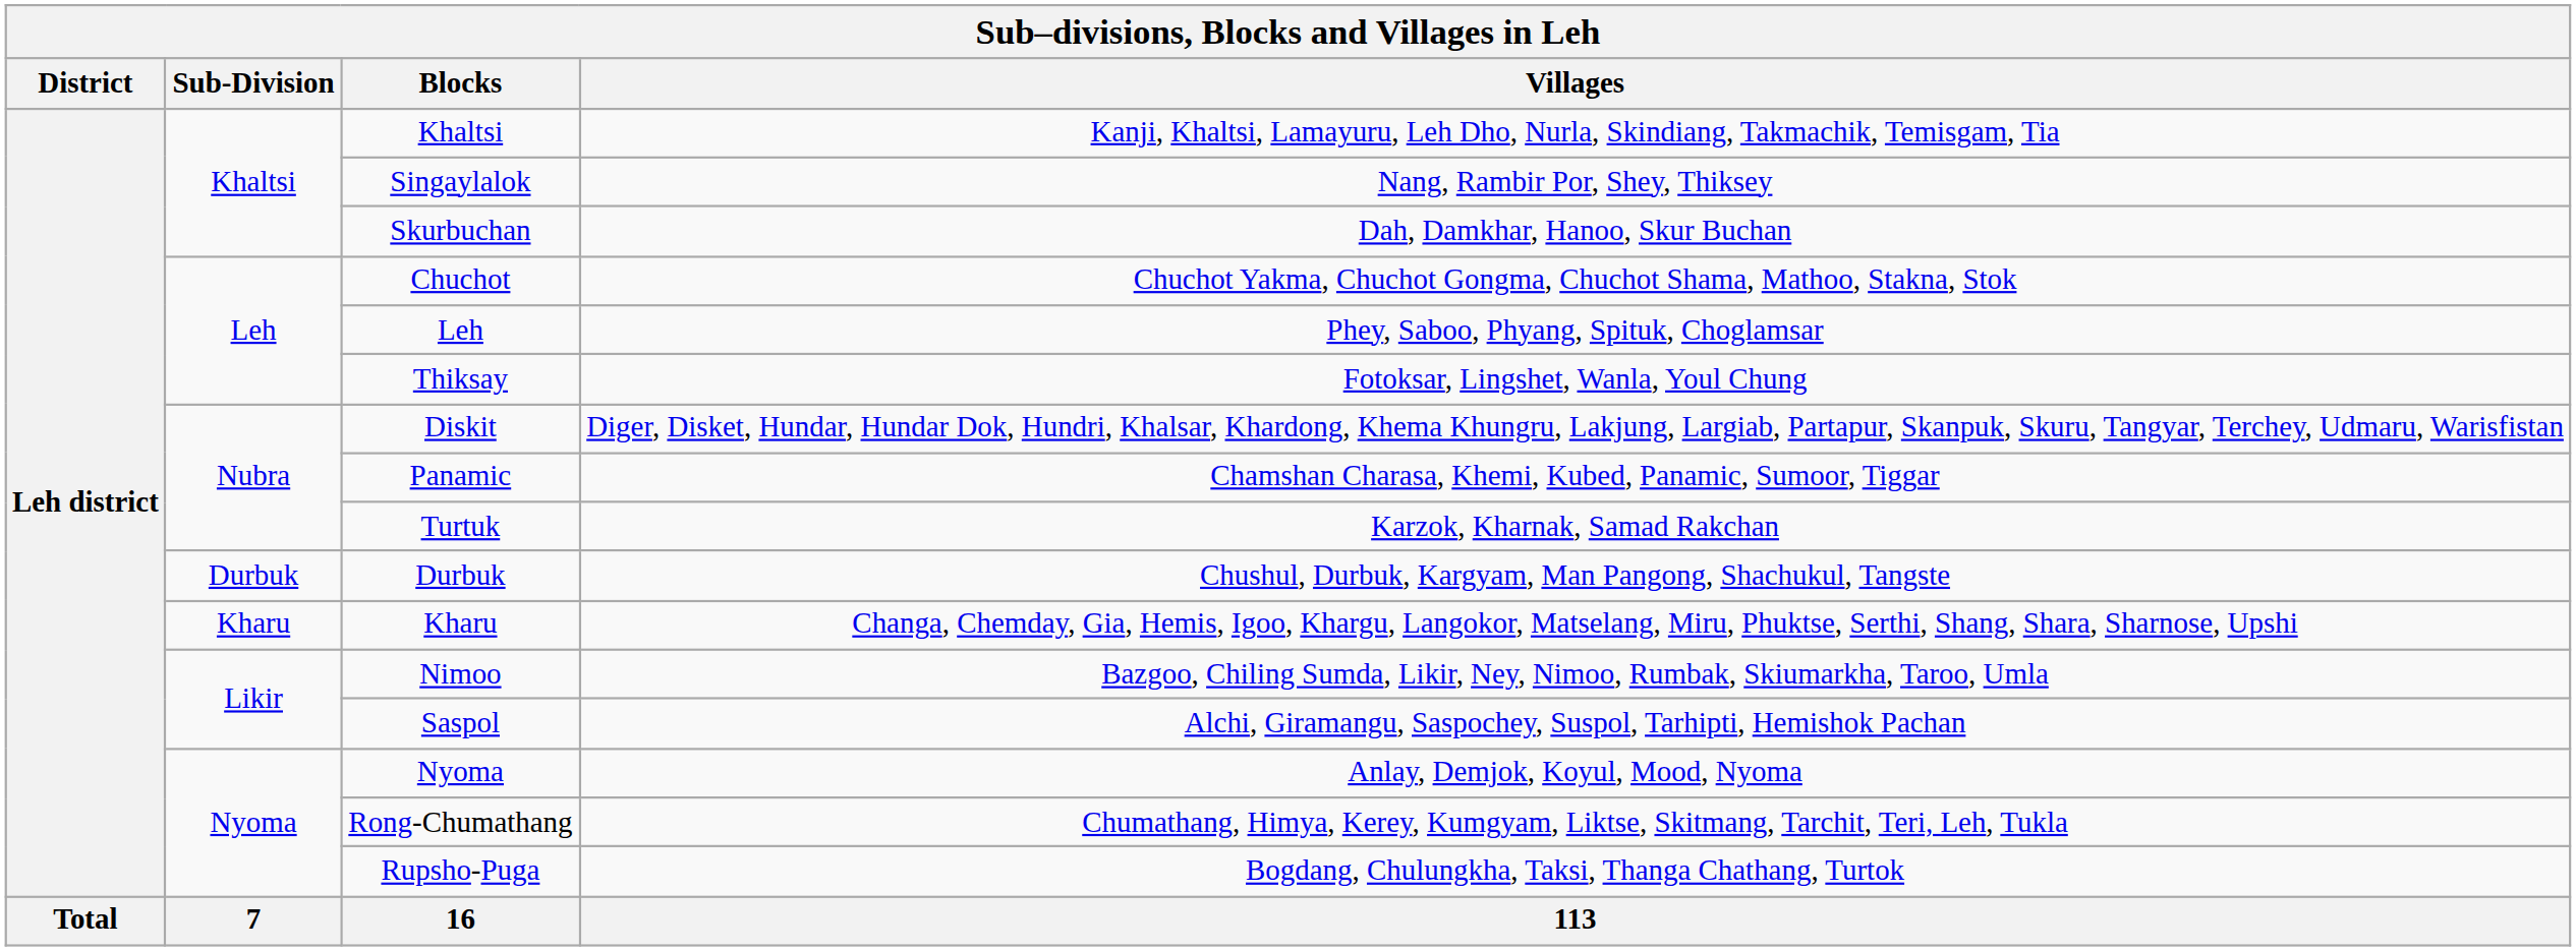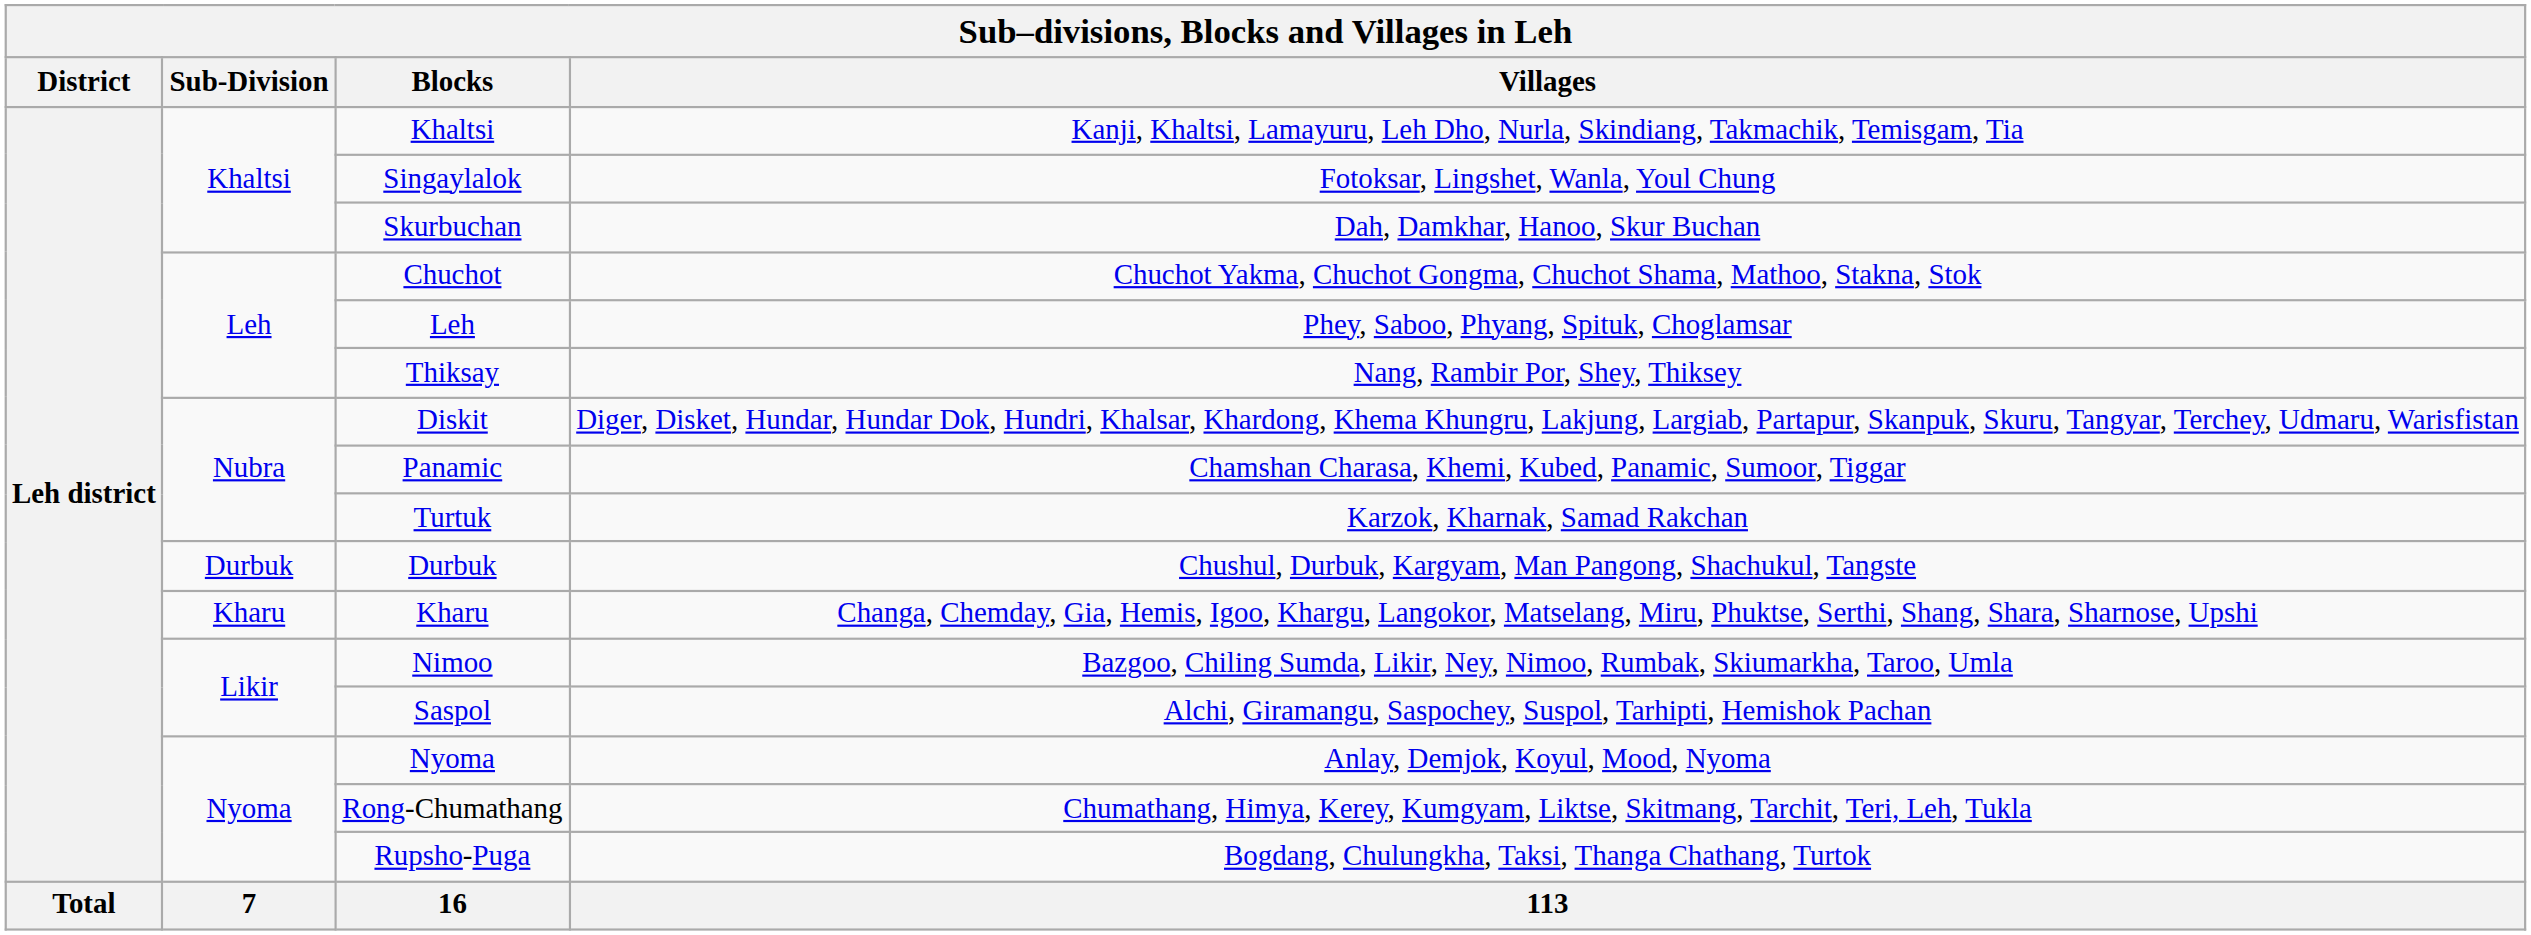 <table class="wikitable" style="margin:1em auto 1em auto; font-size:smaller; text-align:center;">
 <tr>
 <th colspan="4"><big>Sub–divisions, Blocks and Villages in Leh</big></th>
 </tr>
 <tr>
 <th>District</th>
 <th scope="col" !>Sub-Division</th>
 <th scope="col" !>Blocks</th>
 <th scope="col" !>Villages</th>
 </tr>
 <tr>
 <th rowspan="16">Leh district</th>
 <td rowspan="3"><a href='#'>Khaltsi</a></td>
 <td><a href='#'>Khaltsi</a></td>
 <td><a href='#'>Kanji</a>, <a href='#'>Khaltsi</a>, <a href='#'>Lamayuru</a>, <a href='#'>Leh Dho</a>, <a href='#'>Nurla</a>, <a href='#'>Skindiang</a>, <a href='#'>Takmachik</a>, <a href='#'>Temisgam</a>, <a href='#'>Tia</a></td>
 </tr>
 <tr>
 <td><a href='#'>Singaylalok</a></td>
-<td><a href='#'>Nang</a>, <a href='#'>Rambir Por</a>, <a href='#'>Shey</a>, <a href='#'>Thiksey</a></td>
+<td><a href='#'>Fotoksar</a>, <a href='#'>Lingshet</a>, <a href='#'>Wanla</a>, <a href='#'>Youl Chung</a></td>
 </tr>
 <tr>
 <td><a href='#'>Skurbuchan</a></td>
 <td><a href='#'>Dah</a>, <a href='#'>Damkhar</a>, <a href='#'>Hanoo</a>, <a href='#'>Skur Buchan</a></td>
 </tr>
 <tr>
 <td rowspan="3"><a href='#'>Leh</a></td>
 <td><a href='#'>Chuchot</a></td>
 <td><a href='#'>Chuchot Yakma</a>, <a href='#'>Chuchot Gongma</a>, <a href='#'>Chuchot Shama</a>, <a href='#'>Mathoo</a>, <a href='#'>Stakna</a>, <a href='#'>Stok</a></td>
 </tr>
 <tr>
 <td><a href='#'>Leh</a></td>
 <td><a href='#'>Phey</a>, <a href='#'>Saboo</a>, <a href='#'>Phyang</a>, <a href='#'>Spituk</a>, <a href='#'>Choglamsar</a></td>
 </tr>
 <tr>
 <td><a href='#'>Thiksay</a></td>
-<td><a href='#'>Fotoksar</a>, <a href='#'>Lingshet</a>, <a href='#'>Wanla</a>, <a href='#'>Youl Chung</a></td>
+<td><a href='#'>Nang</a>, <a href='#'>Rambir Por</a>, <a href='#'>Shey</a>, <a href='#'>Thiksey</a></td>
 </tr>
 <tr>
 <td rowspan="3"><a href='#'>Nubra</a></td>
 <td><a href='#'>Diskit</a></td>
 <td><a href='#'>Diger</a>, <a href='#'>Disket</a>, <a href='#'>Hundar</a>, <a href='#'>Hundar Dok</a>, <a href='#'>Hundri</a>, <a href='#'>Khalsar</a>, <a href='#'>Khardong</a>, <a href='#'>Khema Khungru</a>, <a href='#'>Lakjung</a>, <a href='#'>Largiab</a>, <a href='#'>Partapur</a>, <a href='#'>Skanpuk</a>, <a href='#'>Skuru</a>, <a href='#'>Tangyar</a>, <a href='#'>Terchey</a>, <a href='#'>Udmaru</a>, <a href='#'>Warisfistan</a></td>
 </tr>
 <tr>
 <td><a href='#'>Panamic</a></td>
 <td><a href='#'>Chamshan Charasa</a>, <a href='#'>Khemi</a>, <a href='#'>Kubed</a>, <a href='#'>Panamic</a>, <a href='#'>Sumoor</a>, <a href='#'>Tiggar</a></td>
 </tr>
 <tr>
 <td><a href='#'>Turtuk</a></td>
 <td><a href='#'>Karzok</a>, <a href='#'>Kharnak</a>, <a href='#'>Samad Rakchan</a></td>
 </tr>
 <tr>
 <td><a href='#'>Durbuk</a></td>
 <td><a href='#'>Durbuk</a></td>
 <td><a href='#'>Chushul</a>, <a href='#'>Durbuk</a>, <a href='#'>Kargyam</a>, <a href='#'>Man Pangong</a>, <a href='#'>Shachukul</a>, <a href='#'>Tangste</a></td>
 </tr>
 <tr>
 <td><a href='#'>Kharu</a></td>
 <td><a href='#'>Kharu</a></td>
 <td><a href='#'>Changa</a>, <a href='#'>Chemday</a>, <a href='#'>Gia</a>, <a href='#'>Hemis</a>, <a href='#'>Igoo</a>, <a href='#'>Khargu</a>, <a href='#'>Langokor</a>, <a href='#'>Matselang</a>, <a href='#'> Miru</a>, <a href='#'>Phuktse</a>, <a href='#'>Serthi</a>, <a href='#'>Shang</a>, <a href='#'>Shara</a>, <a href='#'>Sharnose</a>, <a href='#'>Upshi</a></td>
 </tr>
 <tr>
 <td rowspan="2"><a href='#'>Likir</a></td>
 <td><a href='#'>Nimoo</a></td>
 <td><a href='#'>Bazgoo</a>, <a href='#'>Chiling Sumda</a>, <a href='#'>Likir</a>, <a href='#'>Ney</a>, <a href='#'>Nimoo</a>, <a href='#'>Rumbak</a>, <a href='#'>Skiumarkha</a>, <a href='#'>Taroo</a>, <a href='#'>Umla</a></td>
 </tr>
 <tr>
 <td><a href='#'>Saspol</a></td>
 <td><a href='#'>Alchi</a>, <a href='#'>Giramangu</a>, <a href='#'>Saspochey</a>, <a href='#'>Suspol</a>, <a href='#'>Tarhipti</a>, <a href='#'>Hemishok Pachan</a></td>
 </tr>
 <tr>
 <td rowspan="3"><a href='#'>Nyoma</a></td>
 <td><a href='#'>Nyoma</a></td>
 <td><a href='#'>Anlay</a>, <a href='#'>Demjok</a>, <a href='#'>Koyul</a>, <a href='#'>Mood</a>, <a href='#'>Nyoma</a></td>
 </tr>
 <tr>
 <td><a href='#'>Rong</a>-Chumathang</td>
 <td><a href='#'>Chumathang</a>, <a href='#'>Himya</a>, <a href='#'>Kerey</a>, <a href='#'>Kumgyam</a>, <a href='#'>Liktse</a>, <a href='#'>Skitmang</a>, <a href='#'>Tarchit</a>, <a href='#'>Teri, Leh</a>, <a href='#'>Tukla</a></td>
 </tr>
 <tr>
 <td><a href='#'>Rupsho</a>-<a href='#'>Puga</a></td>
 <td><a href='#'>Bogdang</a>, <a href='#'>Chulungkha</a>, <a href='#'>Taksi</a>, <a href='#'>Thanga Chathang</a>, <a href='#'>Turtok</a></td>
 </tr>
 <tr>
 <th>Total</th>
 <th>7</th>
 <th>16</th>
 <th>113</th>
 </tr>
 </table>
